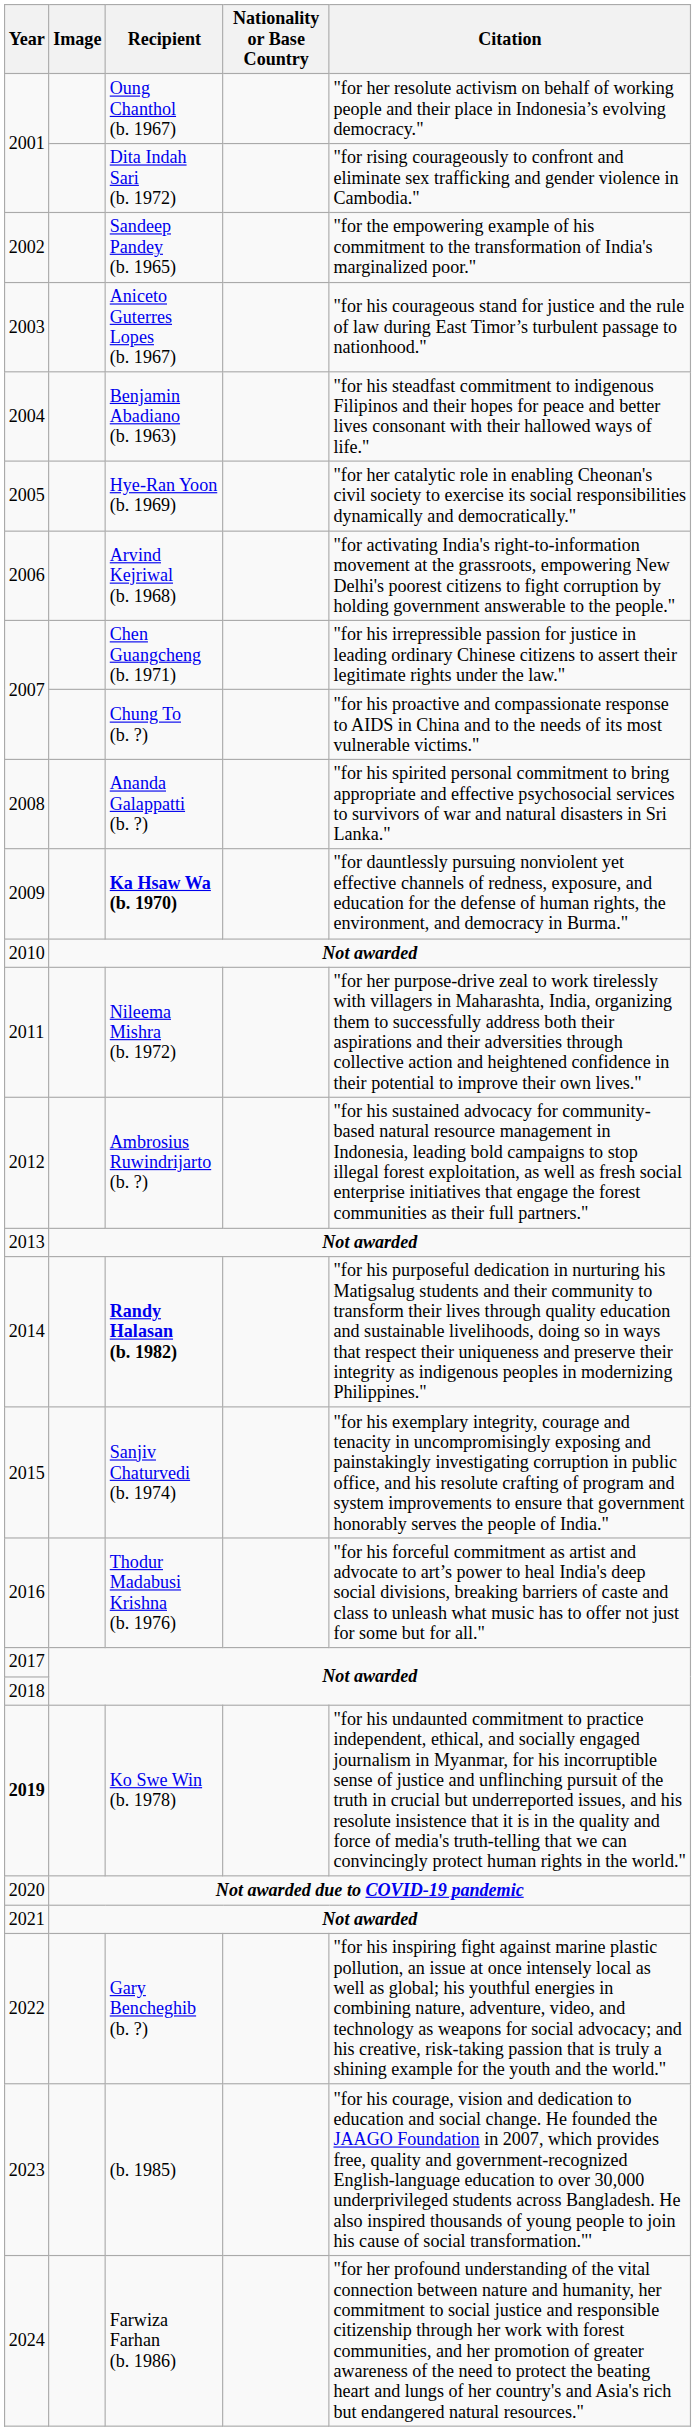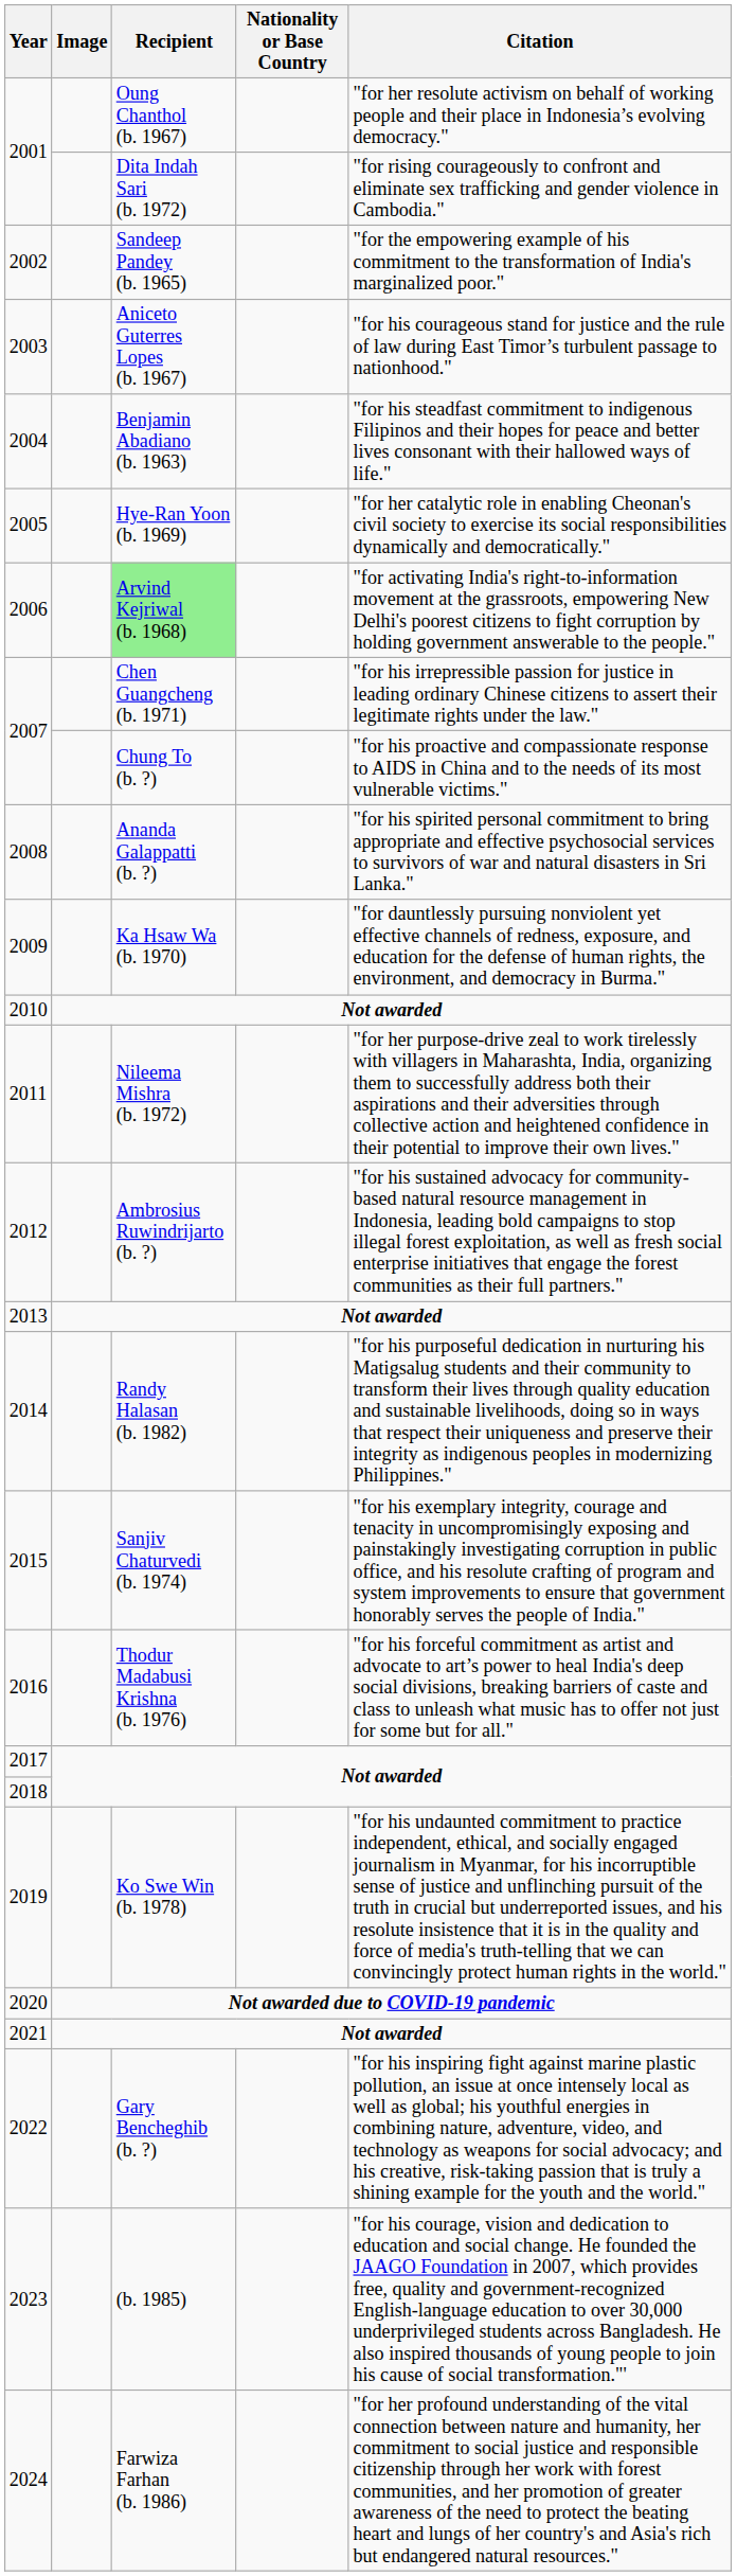 <table class="wikitable sortable" border="1">
 <tr>
 <th>Year</th>
 <th>Image</th>
 <th>Recipient</th>
 <th>Nationality or Base Country</th>
 <th>Citation</th>
 </tr>
 <tr>
 <td rowspan=2>2001</td>
 <td></td>
 <td><a href='#'>Oung Chanthol</a><br>(b. 1967)</td>
 <td></td>
 <td>"for her resolute activism on behalf of working people and their place in Indonesia’s evolving democracy."</td>
 </tr>
 <tr>
 <td></td>
 <td><a href='#'>Dita Indah Sari</a><br>(b. 1972)</td>
 <td></td>
 <td>"for rising courageously to confront and eliminate sex trafficking and gender violence in Cambodia."</td>
 </tr>
 <tr>
 <td>2002</td>
 <td></td>
 <td><a href='#'>Sandeep Pandey</a><br>(b. 1965)</td>
 <td></td>
 <td>"for the empowering example of his commitment to the transformation of India's marginalized poor."</td>
 </tr>
 <tr>
 <td>2003</td>
 <td></td>
 <td><a href='#'>Aniceto Guterres Lopes</a><br>(b. 1967)</td>
 <td></td>
 <td>"for his courageous stand for justice and the rule of law during East Timor’s turbulent passage to nationhood."</td>
 </tr>
 <tr>
 <td>2004</td>
 <td></td>
 <td><a href='#'>Benjamin Abadiano</a><br>(b. 1963)</td>
 <td></td>
 <td>"for his steadfast commitment to indigenous Filipinos and their hopes for peace and better lives consonant with their hallowed ways of life."</td>
 </tr>
 <tr>
 <td>2005</td>
 <td></td>
 <td><a href='#'>Hye-Ran Yoon</a><br>(b. 1969)</td>
 <td></td>
 <td>"for her catalytic role in enabling Cheonan's civil society to exercise its social responsibilities dynamically and democratically."</td>
 </tr>
 <tr>
 <td>2006</td>
 <td></td>
-<td><a href='#'>Arvind Kejriwal</a><br>(b. 1968)</td>
+<td style="background: lightgreen;"><a href='#'>Arvind Kejriwal</a><br>(b. 1968)</td>
 <td></td>
 <td>"for activating India's right-to-information movement at the grassroots, empowering New Delhi's poorest citizens to fight corruption by holding government answerable to the people."</td>
 </tr>
 <tr>
 <td rowspan=2>2007</td>
 <td></td>
 <td><a href='#'>Chen Guangcheng</a><br>(b. 1971)</td>
 <td></td>
 <td>"for his irrepressible passion for justice in leading ordinary Chinese citizens to assert their legitimate rights under the law."</td>
 </tr>
 <tr>
 <td></td>
 <td><a href='#'>Chung To</a><br>(b. ?)</td>
 <td><br></td>
 <td>"for his proactive and compassionate response to AIDS in China and to the needs of its most vulnerable victims."</td>
 </tr>
 <tr>
 <td>2008</td>
 <td></td>
 <td><a href='#'>Ananda Galappatti</a><br>(b. ?)</td>
 <td></td>
 <td>"for his spirited personal commitment to bring appropriate and effective psychosocial services to survivors of war and natural disasters in Sri Lanka."</td>
 </tr>
 <tr>
 <td>2009</td>
 <td></td>
-<td><strong><a href='#'>Ka Hsaw Wa</a><br>(b. 1970)</strong></td>
+<td><a href='#'>Ka Hsaw Wa</a><br>(b. 1970)</td>
 <td></td>
 <td>"for dauntlessly pursuing nonviolent yet effective channels of redness, exposure, and education for the defense of human rights, the environment, and democracy in Burma."</td>
 </tr>
 <tr>
 <td>2010</td>
 <td colspan="4" align="center"><strong><em>Not awarded</em></strong></td>
 </tr>
 <tr>
 <td>2011</td>
 <td></td>
 <td><a href='#'>Nileema Mishra</a><br> (b. 1972)</td>
 <td></td>
 <td>"for her purpose-drive zeal to work tirelessly with villagers in Maharashta, India, organizing them to successfully address both their aspirations and their adversities through collective action and heightened confidence in their potential to improve their own lives."</td>
 </tr>
 <tr>
 <td>2012</td>
 <td></td>
 <td><a href='#'>Ambrosius Ruwindrijarto</a><br>(b. ?)</td>
 <td></td>
 <td>"for his sustained advocacy for community-based natural resource management in Indonesia, leading bold campaigns to stop illegal forest exploitation, as well as fresh social enterprise initiatives that engage the forest communities as their full partners."</td>
 </tr>
 <tr>
 <td>2013</td>
 <td colspan="4" align="center"><strong><em>Not awarded</em></strong></td>
 </tr>
 <tr>
 <td>2014</td>
 <td></td>
-<td><strong><a href='#'>Randy Halasan</a><br>(b. 1982)</strong></td>
+<td><a href='#'>Randy Halasan</a><br>(b. 1982)</td>
 <td></td>
 <td>"for his purposeful dedication in nurturing his Matigsalug students and their community to transform their lives through quality education and sustainable livelihoods, doing so in ways that respect their uniqueness and preserve their integrity as indigenous peoples in modernizing Philippines."</td>
 </tr>
 <tr>
 <td>2015</td>
 <td></td>
 <td><a href='#'>Sanjiv Chaturvedi</a><br>(b. 1974)</td>
 <td></td>
 <td>"for his exemplary integrity, courage and tenacity in uncompromisingly exposing and painstakingly investigating corruption in public office, and his resolute crafting of program and system improvements to ensure that government honorably serves the people of India."</td>
 </tr>
 <tr>
 <td>2016</td>
 <td></td>
 <td><a href='#'>Thodur Madabusi Krishna</a><br>(b. 1976)</td>
 <td></td>
 <td>"for his forceful commitment as artist and advocate to art’s power to heal India's deep social divisions, breaking barriers of caste and class to unleash what music has to offer not just for some but for all."</td>
 </tr>
 <tr>
 <td>2017</td>
 <td colspan="4" rowspan="2" align="center"><strong><em>Not awarded</em></strong></td>
 </tr>
 <tr>
 <td>2018</td>
 </tr>
 <tr>
-<td><strong>2019</strong></td>
+<td>2019</td>
 <td></td>
 <td><a href='#'>Ko Swe Win</a><br>(b. 1978)</td>
 <td></td>
 <td>"for his undaunted commitment to practice independent, ethical, and socially engaged journalism in Myanmar, for his incorruptible sense of justice and unflinching pursuit of the truth in crucial but underreported issues, and his resolute insistence that it is in the quality and force of media's truth-telling that we can convincingly protect human rights in the world."</td>
 </tr>
 <tr>
 <td>2020</td>
 <td colspan="4" align="center"><strong><em>Not awarded due to <a href='#'>COVID-19 pandemic</a></em></strong></td>
 </tr>
 <tr>
 <td>2021</td>
 <td colspan="4" align="center"><strong><em>Not awarded</em></strong></td>
 </tr>
 <tr>
 <td>2022</td>
 <td></td>
 <td><a href='#'>Gary Bencheghib</a> (b. ?)</td>
 <td><br></td>
 <td>"for his inspiring fight against marine plastic pollution, an issue at once intensely local as well as global; his youthful energies in combining nature, adventure, video, and technology as weapons for social advocacy; and his creative, risk-taking passion that is truly a shining example for the youth and the world."</td>
 </tr>
 <tr>
 <td>2023</td>
 <td></td>
 <td> (b. 1985)</td>
 <td></td>
 <td>"for his courage, vision and dedication to education and social change. He founded the <a href='#'>JAAGO Foundation</a> in 2007, which provides free, quality and government-recognized English-language education to over 30,000 underprivileged students across Bangladesh. He also inspired thousands of young people to join his cause of social transformation."'</td>
 </tr>
 <tr>
 <td>2024</td>
 <td></td>
 <td>Farwiza Farhan<br>(b. 1986)</td>
 <td></td>
 <td>"for her profound understanding of the vital connection between nature and humanity, her commitment to social justice and responsible citizenship through her work with forest communities, and her promotion of greater awareness of the need to protect the beating heart and lungs of her country's and Asia's rich but endangered natural resources."</td>
 </tr>
 </table>
